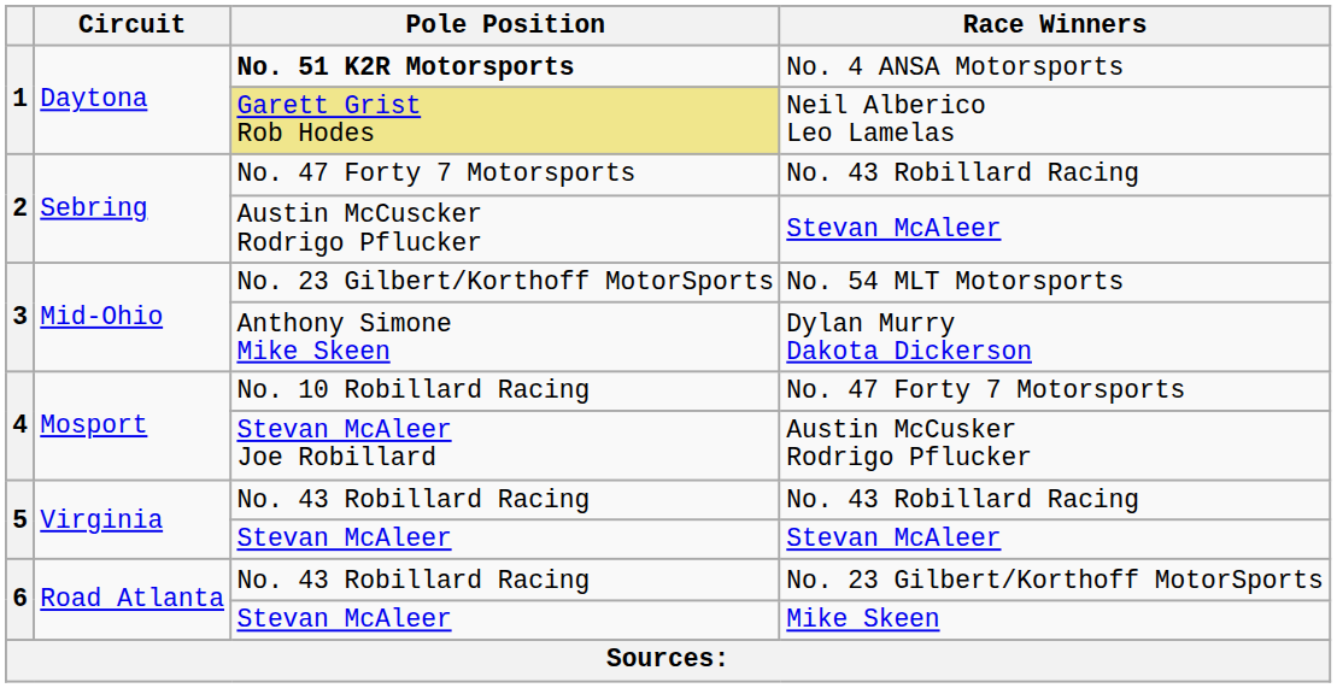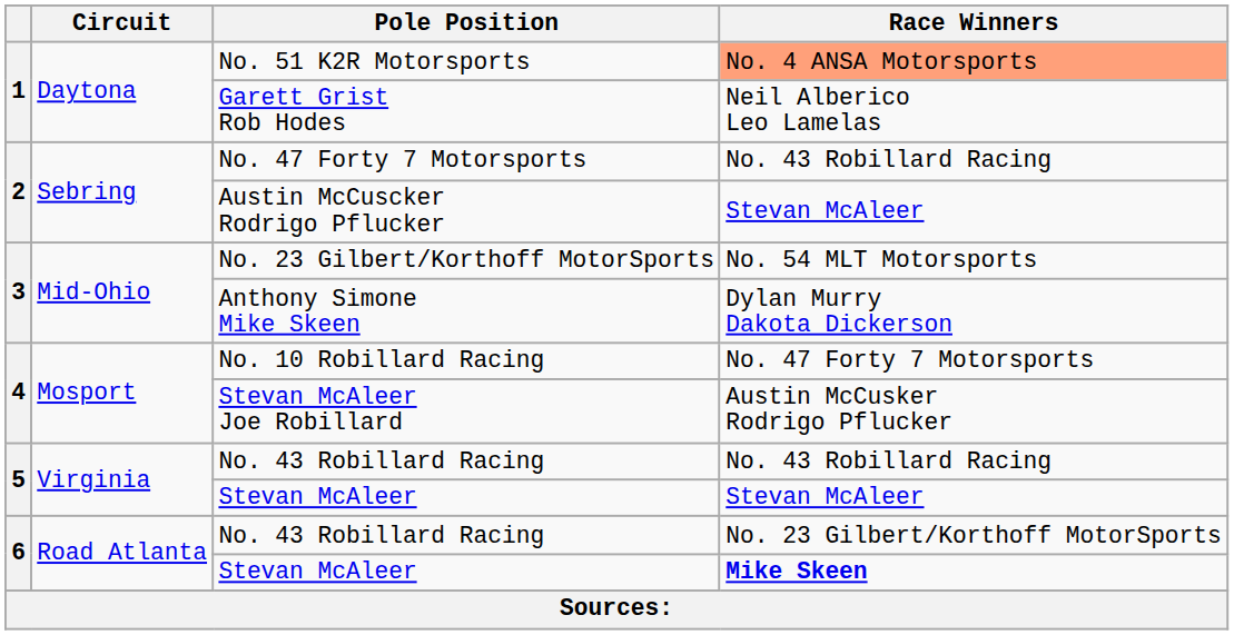 <table class="wikitable" style="font-size: 85%;">
 <tr>
 <th></th>
 <th>Circuit</th>
 <th>Pole Position</th>
 <th>Race Winners</th>
 </tr>
 <tr>
 <th rowspan=2>1</th>
 <td rowspan=2> <a href='#'>Daytona</a></td>
-<td><strong> No. 51 K2R Motorsports</strong></td>
-<td> No. 4 ANSA Motorsports</td>
+<td> No. 51 K2R Motorsports</td>
+<td style="background: lightsalmon;"> No. 4 ANSA Motorsports</td>
 </tr>
 <tr>
-<td style="background: khaki;"> <a href='#'>Garett Grist</a><br> Rob Hodes</td>
+<td> <a href='#'>Garett Grist</a><br> Rob Hodes</td>
 <td> Neil Alberico<br> Leo Lamelas</td>
 </tr>
 <tr>
 <th rowspan=2>2</th>
 <td rowspan=2> <a href='#'>Sebring</a></td>
 <td> No. 47 Forty 7 Motorsports</td>
 <td> No. 43 Robillard Racing</td>
 </tr>
 <tr>
 <td> Austin McCuscker<br> Rodrigo Pflucker</td>
 <td> <a href='#'>Stevan McAleer</a></td>
 </tr>
 <tr>
 <th rowspan=2>3</th>
 <td rowspan=2> <a href='#'>Mid-Ohio</a></td>
 <td> No. 23 Gilbert/Korthoff MotorSports</td>
 <td> No. 54 MLT Motorsports</td>
 </tr>
 <tr>
 <td> Anthony Simone<br> <a href='#'>Mike Skeen</a></td>
 <td> Dylan Murry<br> <a href='#'>Dakota Dickerson</a></td>
 </tr>
 <tr>
 <th rowspan=2>4</th>
 <td rowspan=2> <a href='#'>Mosport</a></td>
 <td> No. 10 Robillard Racing</td>
 <td> No. 47 Forty 7 Motorsports</td>
 </tr>
 <tr>
 <td> <a href='#'>Stevan McAleer</a><br> Joe Robillard</td>
 <td> Austin McCusker<br> Rodrigo Pflucker</td>
 </tr>
 <tr>
 <th rowspan=2>5</th>
 <td rowspan=2> <a href='#'>Virginia</a></td>
 <td> No. 43 Robillard Racing</td>
 <td> No. 43 Robillard Racing</td>
 </tr>
 <tr>
 <td> <a href='#'>Stevan McAleer</a></td>
 <td> <a href='#'>Stevan McAleer</a></td>
 </tr>
 <tr>
 <th rowspan=2>6</th>
 <td rowspan=2> <a href='#'>Road Atlanta</a></td>
 <td> No. 43 Robillard Racing</td>
 <td> No. 23 Gilbert/Korthoff MotorSports</td>
 </tr>
 <tr>
 <td> <a href='#'>Stevan McAleer</a></td>
-<td> <a href='#'>Mike Skeen</a></td>
+<td><strong> <a href='#'>Mike Skeen</a></strong></td>
 </tr>
 <tr>
 <th colspan=5>Sources:</th>
 </tr>
 </table>
